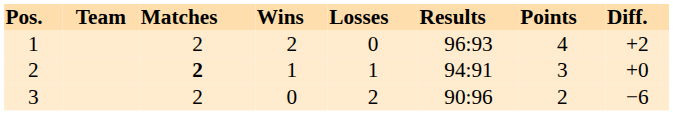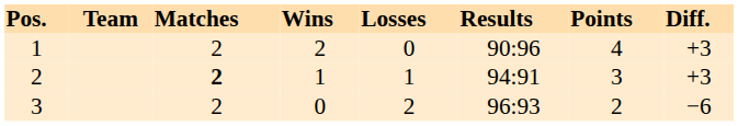 <table style="text-align:left" border="0" cellspacing="0" align="right" width="500px">
 <tr bgcolor="#FFDEAD">
 <th>Pos.</th>
 <th align="center">Team</th>
 <th>Matches</th>
 <th>Wins</th>
 <th>Losses</th>
 <th>Results</th>
 <th>Points</th>
 <th>Diff.</th>
 </tr>
 <tr bgcolor="#FFECCE" align="center">
 <td>1</td>
 <td align="left"></td>
 <td>2</td>
 <td>2</td>
 <td>0</td>
-<td>96:93</td>
+<td>90:96</td>
 <td>4</td>
-<td>+2</td>
+<td>+3</td>
 </tr>
 <tr bgcolor="#FFECCE" align="center">
 <td>2</td>
 <td align="left"></td>
 <td><strong>2</strong></td>
 <td>1</td>
 <td>1</td>
 <td>94:91</td>
 <td>3</td>
-<td>+0</td>
+<td>+3</td>
 </tr>
 <tr bgcolor="#FFECCE" align="center">
 <td>3</td>
 <td align="left"></td>
 <td>2</td>
 <td>0</td>
 <td>2</td>
-<td>90:96</td>
+<td>96:93</td>
 <td>2</td>
 <td>−6</td>
 </tr>
 </table>
